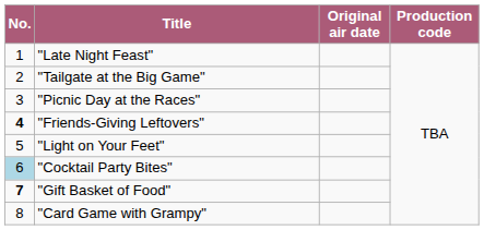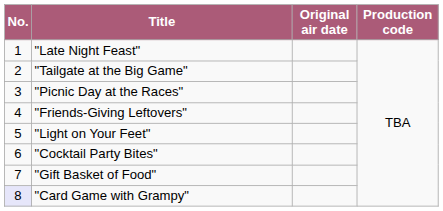 <table class="wikitable plainrowheaders" style="width:60%;">
 <tr>
 <th style="background-color: #ab5b78; color: #FFFFFF;" width=5%>No.</th>
 <th style="background-color: #ab5b78; color: #FFFFFF;" width=60%>Title</th>
 <th style="background-color: #ab5b78; color: #FFFFFF;">Original air date</th>
 <th style="background-color: #ab5b78; color: #FFFFFF;">Production code</th>
 </tr>
 <tr>
 <td align=center>1</td>
 <td>"Late Night Feast"</td>
 <td align=center></td>
 <td align=center rowspan=8>TBA</td>
 </tr>
 <tr>
 <td align=center>2</td>
 <td>"Tailgate at the Big Game"</td>
 <td align=center></td>
 </tr>
 <tr>
 <td align=center>3</td>
 <td>"Picnic Day at the Races"</td>
 <td align=center></td>
 </tr>
 <tr>
-<td align=center><strong>4</strong></td>
+<td align=center>4</td>
 <td>"Friends-Giving Leftovers"</td>
 <td align=center></td>
 </tr>
 <tr>
 <td align=center>5</td>
 <td>"Light on Your Feet"</td>
 <td align=center></td>
 </tr>
 <tr>
-<td align=center style="background: lightblue;">6</td>
+<td align=center>6</td>
 <td>"Cocktail Party Bites"</td>
 <td align=center></td>
 </tr>
 <tr>
-<td align=center><strong>7</strong></td>
+<td align=center>7</td>
 <td>"Gift Basket of Food"</td>
 <td align=center></td>
 </tr>
 <tr>
-<td align=center>8</td>
+<td align=center style="background: lavender;">8</td>
 <td>"Card Game with Grampy"</td>
 <td align=center></td>
 </tr>
 </table>
